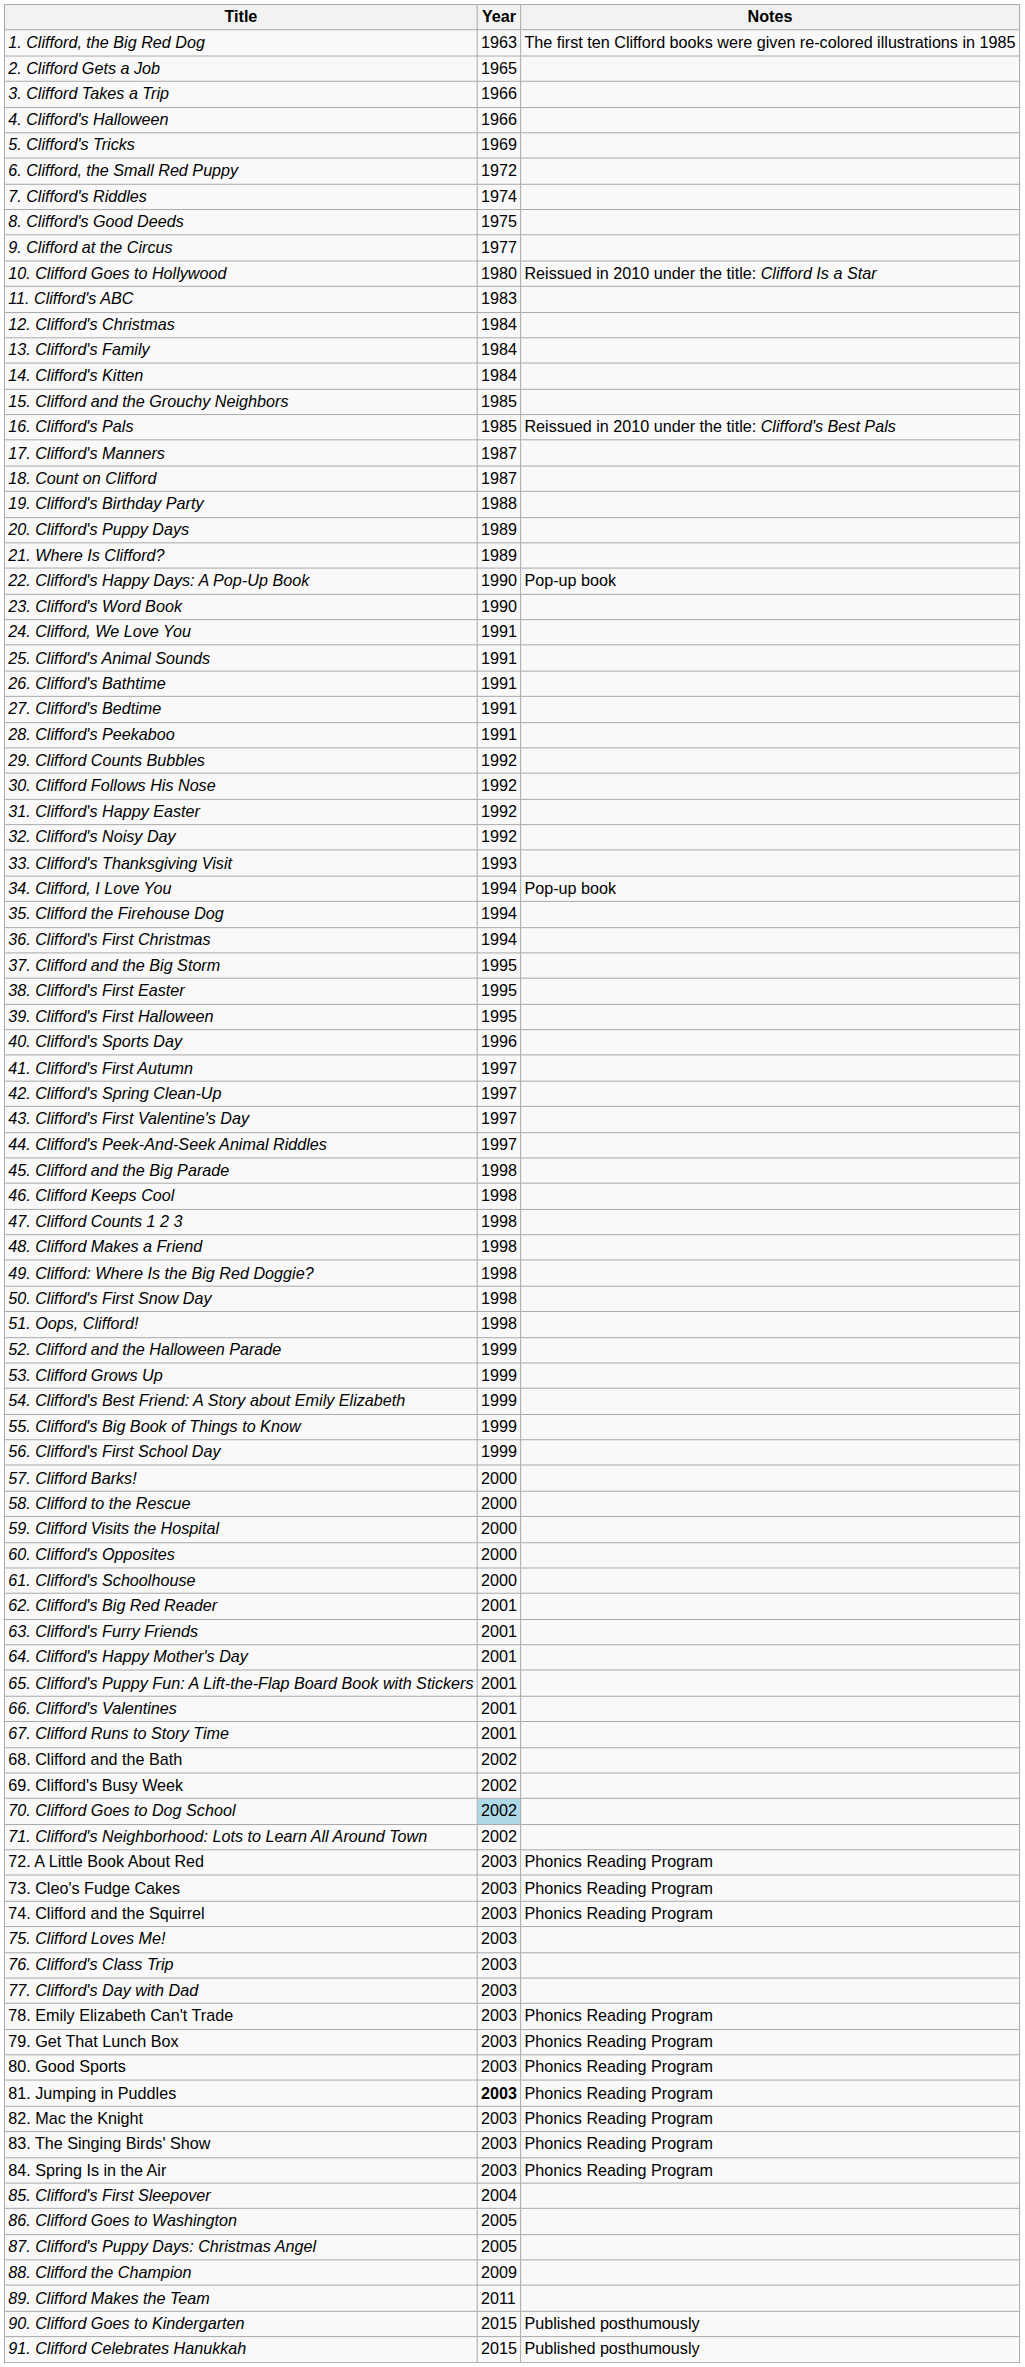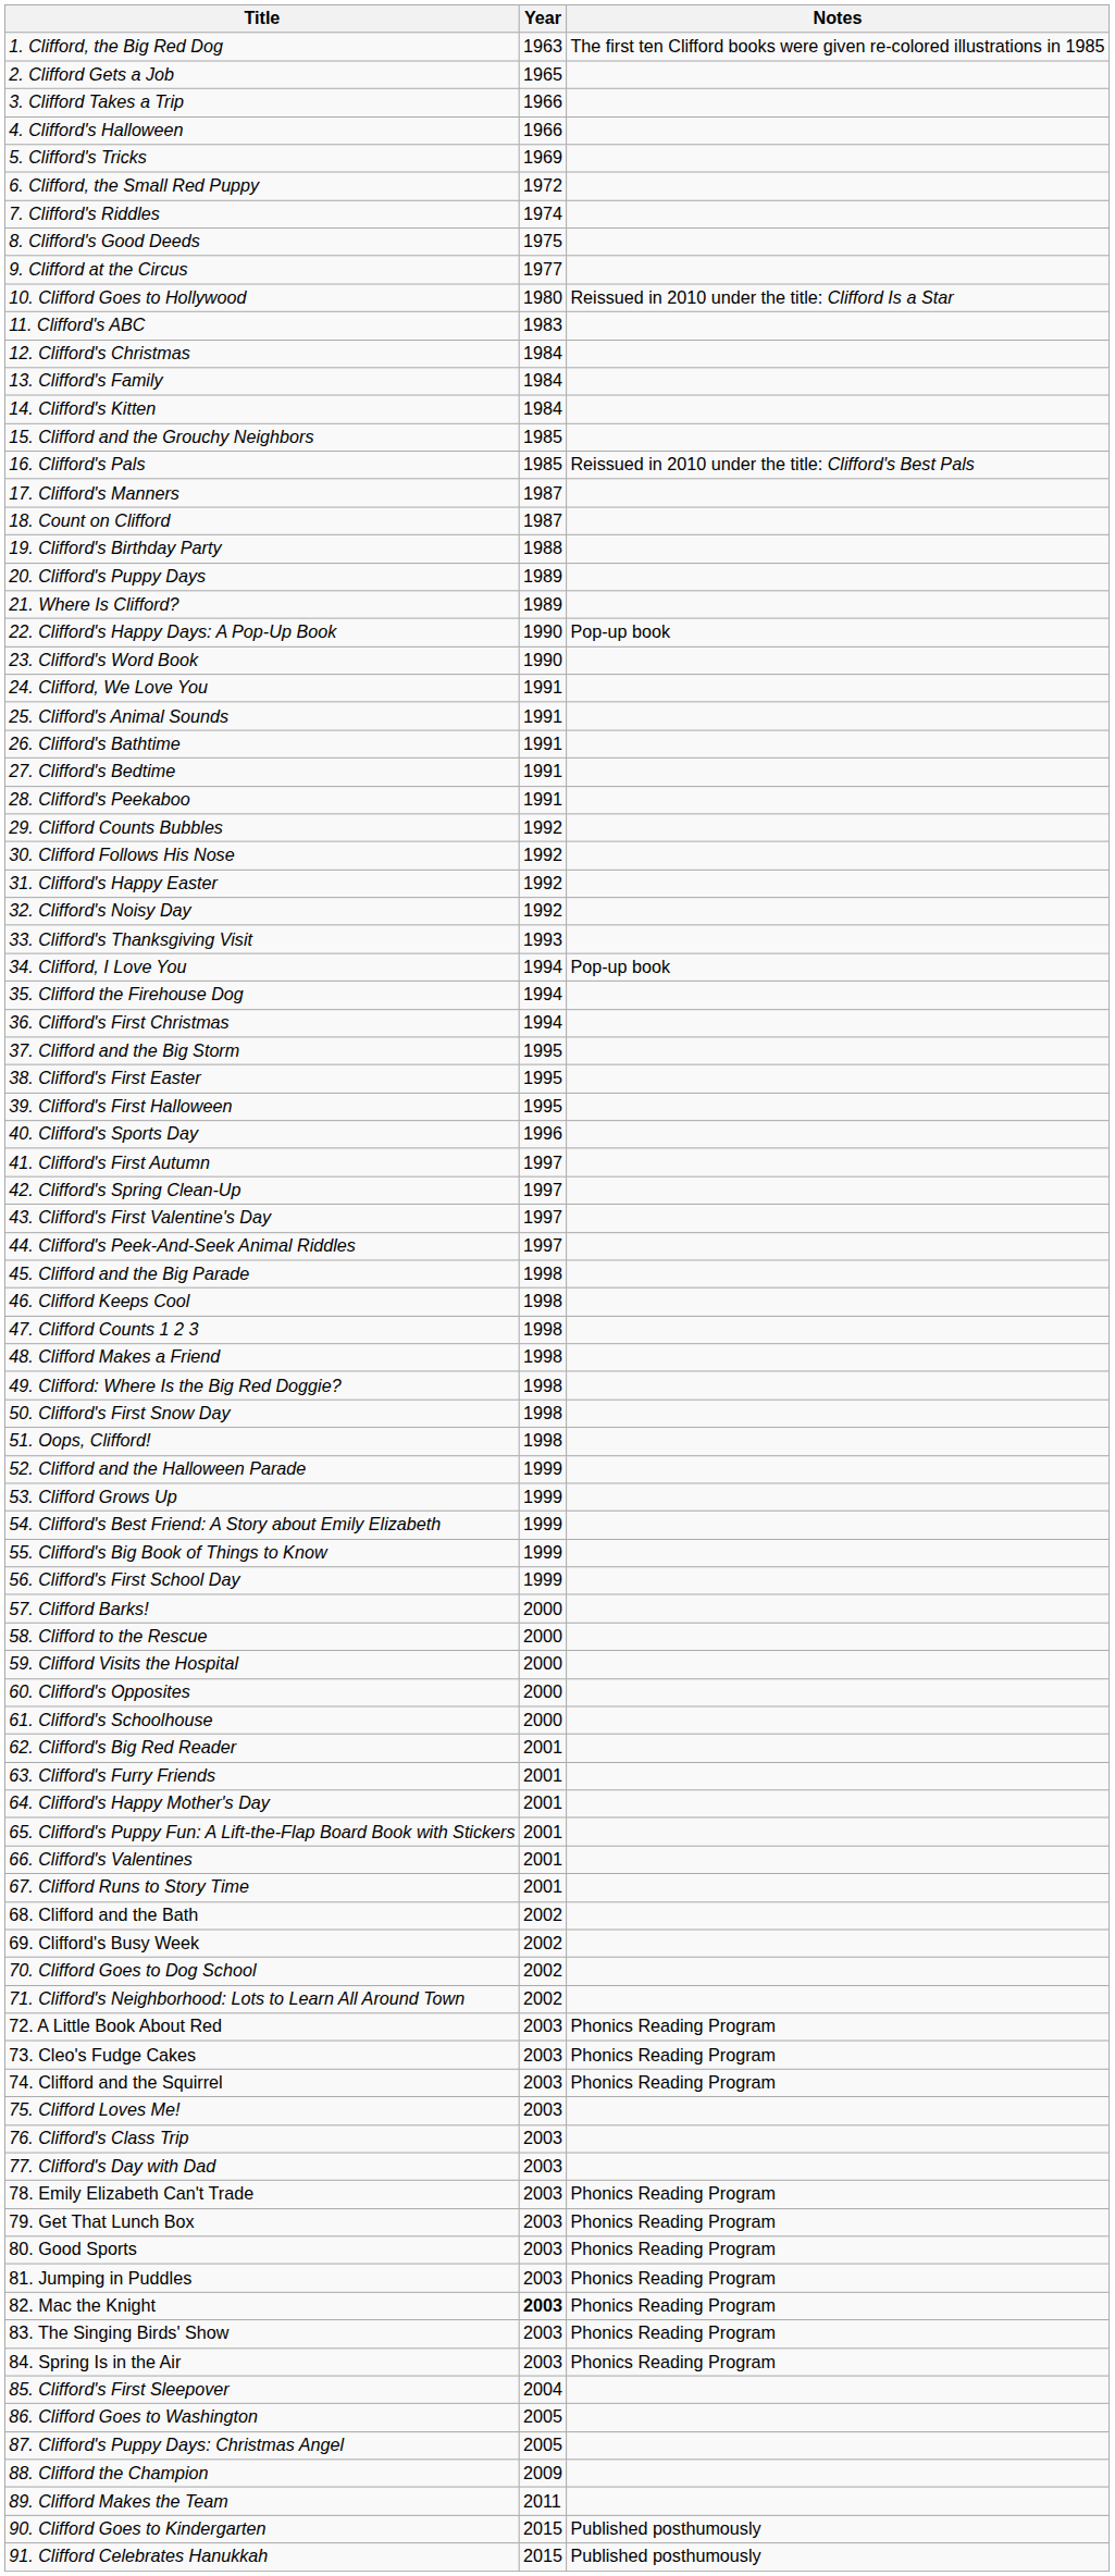 <table class="wikitable sortable">
 <tr>
 <th>Title</th>
 <th>Year</th>
 <th>Notes</th>
 </tr>
 <tr>
 <td><em>1. Clifford, the Big Red Dog</em></td>
 <td>1963</td>
 <td>The first ten Clifford books were given re-colored illustrations in 1985</td>
 </tr>
 <tr>
 <td><em>2. Clifford Gets a Job</em></td>
 <td>1965</td>
 <td></td>
 </tr>
 <tr>
 <td><em>3. Clifford Takes a Trip</em></td>
 <td>1966</td>
 <td></td>
 </tr>
 <tr>
 <td><em>4. Clifford's Halloween</em></td>
 <td>1966</td>
 <td></td>
 </tr>
 <tr>
 <td><em>5. Clifford's Tricks</em></td>
 <td>1969</td>
 <td></td>
 </tr>
 <tr>
 <td><em>6. Clifford, the Small Red Puppy</em></td>
 <td>1972</td>
 <td></td>
 </tr>
 <tr>
 <td><em>7. Clifford's Riddles</em></td>
 <td>1974</td>
 <td></td>
 </tr>
 <tr>
 <td><em>8. Clifford's Good Deeds</em></td>
 <td>1975</td>
 <td></td>
 </tr>
 <tr>
 <td><em>9. Clifford at the Circus</em></td>
 <td>1977</td>
 <td></td>
 </tr>
 <tr>
 <td><em>10. Clifford Goes to Hollywood</em></td>
 <td>1980</td>
 <td>Reissued in 2010 under the title: <em>Clifford Is a Star</em></td>
 </tr>
 <tr>
 <td><em>11. Clifford's ABC</em></td>
 <td>1983</td>
 <td></td>
 </tr>
 <tr>
 <td><em>12. Clifford's Christmas</em></td>
 <td>1984</td>
 <td></td>
 </tr>
 <tr>
 <td><em>13. Clifford's Family</em></td>
 <td>1984</td>
 <td></td>
 </tr>
 <tr>
 <td><em>14. Clifford's Kitten</em></td>
 <td>1984</td>
 <td></td>
 </tr>
 <tr>
 <td><em>15. Clifford and the Grouchy Neighbors</em></td>
 <td>1985</td>
 <td></td>
 </tr>
 <tr>
 <td><em>16. Clifford's Pals</em></td>
 <td>1985</td>
 <td>Reissued in 2010 under the title: <em>Clifford's Best Pals</em></td>
 </tr>
 <tr>
 <td><em>17. Clifford's Manners</em></td>
 <td>1987</td>
 <td></td>
 </tr>
 <tr>
 <td><em>18. Count on Clifford</em></td>
 <td>1987</td>
 <td></td>
 </tr>
 <tr>
 <td><em>19. Clifford's Birthday Party</em></td>
 <td>1988</td>
 <td></td>
 </tr>
 <tr>
 <td><em>20. Clifford's Puppy Days</em></td>
 <td>1989</td>
 <td></td>
 </tr>
 <tr>
 <td><em>21. Where Is Clifford?</em></td>
 <td>1989</td>
 <td></td>
 </tr>
 <tr>
 <td><em>22. Clifford's Happy Days: A Pop-Up Book</em></td>
 <td>1990</td>
 <td>Pop-up book</td>
 </tr>
 <tr>
 <td><em>23. Clifford's Word Book</em></td>
 <td>1990</td>
 <td></td>
 </tr>
 <tr>
 <td><em>24. Clifford, We Love You</em></td>
 <td>1991</td>
 <td></td>
 </tr>
 <tr>
 <td><em>25. Clifford's Animal Sounds</em></td>
 <td>1991</td>
 <td></td>
 </tr>
 <tr>
 <td><em>26. Clifford's Bathtime</em></td>
 <td>1991</td>
 <td></td>
 </tr>
 <tr>
 <td><em>27. Clifford's Bedtime</em></td>
 <td>1991</td>
 <td></td>
 </tr>
 <tr>
 <td><em>28. Clifford's Peekaboo</em></td>
 <td>1991</td>
 <td></td>
 </tr>
 <tr>
 <td><em>29. Clifford Counts Bubbles</em></td>
 <td>1992</td>
 <td></td>
 </tr>
 <tr>
 <td><em>30. Clifford Follows His Nose</em></td>
 <td>1992</td>
 <td></td>
 </tr>
 <tr>
 <td><em>31. Clifford's Happy Easter</em></td>
 <td>1992</td>
 <td></td>
 </tr>
 <tr>
 <td><em>32. Clifford's Noisy Day</em></td>
 <td>1992</td>
 <td></td>
 </tr>
 <tr>
 <td><em>33. Clifford's Thanksgiving Visit</em></td>
 <td>1993</td>
 <td></td>
 </tr>
 <tr>
 <td><em>34. Clifford, I Love You</em></td>
 <td>1994</td>
 <td>Pop-up book</td>
 </tr>
 <tr>
 <td><em>35. Clifford the Firehouse Dog</em></td>
 <td>1994</td>
 <td></td>
 </tr>
 <tr>
 <td><em>36. Clifford's First Christmas</em></td>
 <td>1994</td>
 <td></td>
 </tr>
 <tr>
 <td><em>37. Clifford and the Big Storm</em></td>
 <td>1995</td>
 <td></td>
 </tr>
 <tr>
 <td><em>38. Clifford's First Easter</em></td>
 <td>1995</td>
 <td></td>
 </tr>
 <tr>
 <td><em>39. Clifford's First Halloween</em></td>
 <td>1995</td>
 <td></td>
 </tr>
 <tr>
 <td><em>40. Clifford's Sports Day</em></td>
 <td>1996</td>
 <td></td>
 </tr>
 <tr>
 <td><em>41. Clifford's First Autumn</em></td>
 <td>1997</td>
 <td></td>
 </tr>
 <tr>
 <td><em>42. Clifford's Spring Clean-Up</em></td>
 <td>1997</td>
 <td></td>
 </tr>
 <tr>
 <td><em>43. Clifford's First Valentine's Day</em></td>
 <td>1997</td>
 <td></td>
 </tr>
 <tr>
 <td><em>44. Clifford's Peek-And-Seek Animal Riddles</em></td>
 <td>1997</td>
 <td></td>
 </tr>
 <tr>
 <td><em>45. Clifford and the Big Parade</em></td>
 <td>1998</td>
 <td></td>
 </tr>
 <tr>
 <td><em>46. Clifford Keeps Cool</em></td>
 <td>1998</td>
 <td></td>
 </tr>
 <tr>
 <td><em>47. Clifford Counts 1 2 3</em></td>
 <td>1998</td>
 <td></td>
 </tr>
 <tr>
 <td><em>48. Clifford Makes a Friend</em></td>
 <td>1998</td>
 <td></td>
 </tr>
 <tr>
 <td><em>49. Clifford: Where Is the Big Red Doggie?</em></td>
 <td>1998</td>
 <td></td>
 </tr>
 <tr>
 <td><em>50. Clifford's First Snow Day</em></td>
 <td>1998</td>
 <td></td>
 </tr>
 <tr>
 <td><em>51. Oops, Clifford!</em></td>
 <td>1998</td>
 <td></td>
 </tr>
 <tr>
 <td><em>52. Clifford and the Halloween Parade</em></td>
 <td>1999</td>
 <td></td>
 </tr>
 <tr>
 <td><em>53. Clifford Grows Up</em></td>
 <td>1999</td>
 <td></td>
 </tr>
 <tr>
 <td><em>54. Clifford's Best Friend: A Story about Emily Elizabeth</em></td>
 <td>1999</td>
 <td></td>
 </tr>
 <tr>
 <td><em>55. Clifford's Big Book of Things to Know</em></td>
 <td>1999</td>
 <td></td>
 </tr>
 <tr>
 <td><em>56. Clifford's First School Day</em></td>
 <td>1999</td>
 <td></td>
 </tr>
 <tr>
 <td><em>57. Clifford Barks!</em></td>
 <td>2000</td>
 <td></td>
 </tr>
 <tr>
 <td><em>58. Clifford to the Rescue</em></td>
 <td>2000</td>
 <td></td>
 </tr>
 <tr>
 <td><em>59. Clifford Visits the Hospital</em></td>
 <td>2000</td>
 <td></td>
 </tr>
 <tr>
 <td><em>60. Clifford's Opposites</em></td>
 <td>2000</td>
 <td></td>
 </tr>
 <tr>
 <td><em>61. Clifford's Schoolhouse</em></td>
 <td>2000</td>
 <td></td>
 </tr>
 <tr>
 <td><em>62. Clifford's Big Red Reader</em></td>
 <td>2001</td>
 <td></td>
 </tr>
 <tr>
 <td><em>63. Clifford's Furry Friends</em></td>
 <td>2001</td>
 <td></td>
 </tr>
 <tr>
 <td><em>64. Clifford's Happy Mother's Day</em></td>
 <td>2001</td>
 <td></td>
 </tr>
 <tr>
 <td><em>65. Clifford's Puppy Fun: A Lift-the-Flap Board Book with Stickers</em></td>
 <td>2001</td>
 <td></td>
 </tr>
 <tr>
 <td><em>66. Clifford's Valentines</em></td>
 <td>2001</td>
 <td></td>
 </tr>
 <tr>
 <td><em>67. Clifford Runs to Story Time</em></td>
 <td>2001</td>
 <td></td>
 </tr>
 <tr>
 <td>68. Clifford and the Bath</td>
 <td>2002</td>
 <td></td>
 </tr>
 <tr>
 <td>69. Clifford's Busy Week</td>
 <td>2002</td>
 <td></td>
 </tr>
 <tr>
 <td><em>70. Clifford Goes to Dog School</em></td>
-<td style="background: lightblue;">2002</td>
+<td>2002</td>
 <td></td>
 </tr>
 <tr>
 <td><em>71. Clifford's Neighborhood: Lots to Learn All Around Town</em></td>
 <td>2002</td>
 <td></td>
 </tr>
 <tr>
 <td>72. A Little Book About Red</td>
 <td>2003</td>
 <td>Phonics Reading Program</td>
 </tr>
 <tr>
 <td>73. Cleo's Fudge Cakes</td>
 <td>2003</td>
 <td>Phonics Reading Program</td>
 </tr>
 <tr>
 <td>74. Clifford and the Squirrel</td>
 <td>2003</td>
 <td>Phonics Reading Program</td>
 </tr>
 <tr>
 <td><em>75. Clifford Loves Me!</em></td>
 <td>2003</td>
 <td></td>
 </tr>
 <tr>
 <td><em>76. Clifford's Class Trip</em></td>
 <td>2003</td>
 <td></td>
 </tr>
 <tr>
 <td><em>77. Clifford's Day with Dad</em></td>
 <td>2003</td>
 <td></td>
 </tr>
 <tr>
 <td>78. Emily Elizabeth Can't Trade</td>
 <td>2003</td>
 <td>Phonics Reading Program</td>
 </tr>
 <tr>
 <td>79. Get That Lunch Box</td>
 <td>2003</td>
 <td>Phonics Reading Program</td>
 </tr>
 <tr>
 <td>80. Good Sports</td>
 <td>2003</td>
 <td>Phonics Reading Program</td>
 </tr>
 <tr>
 <td>81. Jumping in Puddles</td>
-<td><strong>2003</strong></td>
+<td>2003</td>
 <td>Phonics Reading Program</td>
 </tr>
 <tr>
 <td>82. Mac the Knight</td>
-<td>2003</td>
+<td><strong>2003</strong></td>
 <td>Phonics Reading Program</td>
 </tr>
 <tr>
 <td>83. The Singing Birds' Show</td>
 <td>2003</td>
 <td>Phonics Reading Program</td>
 </tr>
 <tr>
 <td>84. Spring Is in the Air</td>
 <td>2003</td>
 <td>Phonics Reading Program</td>
 </tr>
 <tr>
 <td><em>85. Clifford's First Sleepover</em></td>
 <td>2004</td>
 <td></td>
 </tr>
 <tr>
 <td><em>86. Clifford Goes to Washington</em></td>
 <td>2005</td>
 <td></td>
 </tr>
 <tr>
 <td><em>87. Clifford's Puppy Days: Christmas Angel</em></td>
 <td>2005</td>
 <td></td>
 </tr>
 <tr>
 <td><em>88. Clifford the Champion</em></td>
 <td>2009</td>
 <td></td>
 </tr>
 <tr>
 <td><em>89. Clifford Makes the Team</em></td>
 <td>2011</td>
 <td></td>
 </tr>
 <tr>
 <td><em>90. Clifford Goes to Kindergarten</em></td>
 <td>2015</td>
 <td>Published posthumously</td>
 </tr>
 <tr>
 <td><em>91. Clifford Celebrates Hanukkah</em></td>
 <td>2015</td>
 <td>Published posthumously</td>
 </tr>
 <tr>
 </tr>
 </table>
